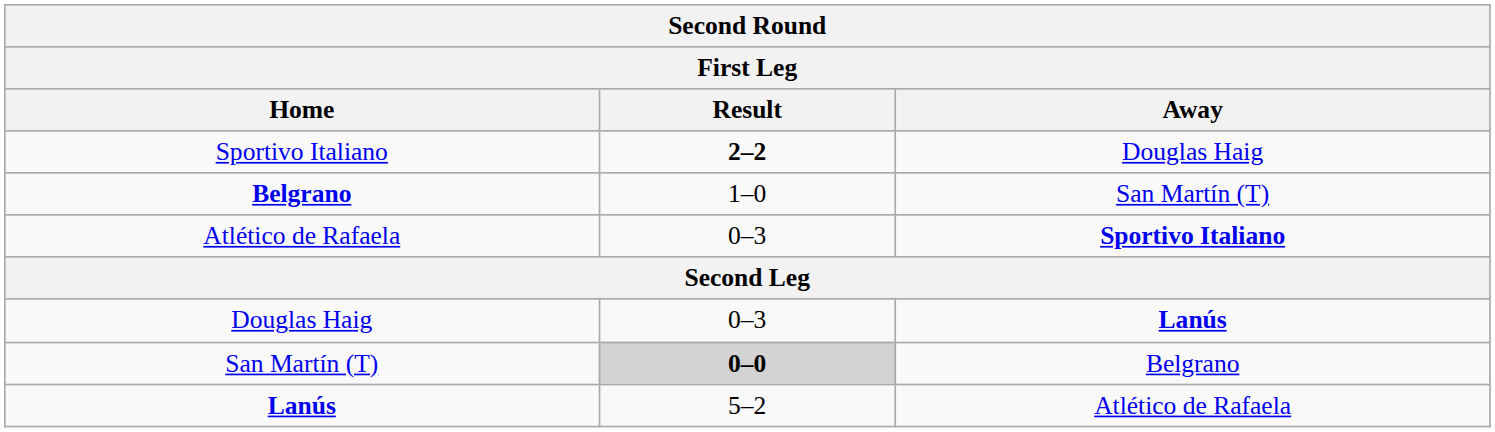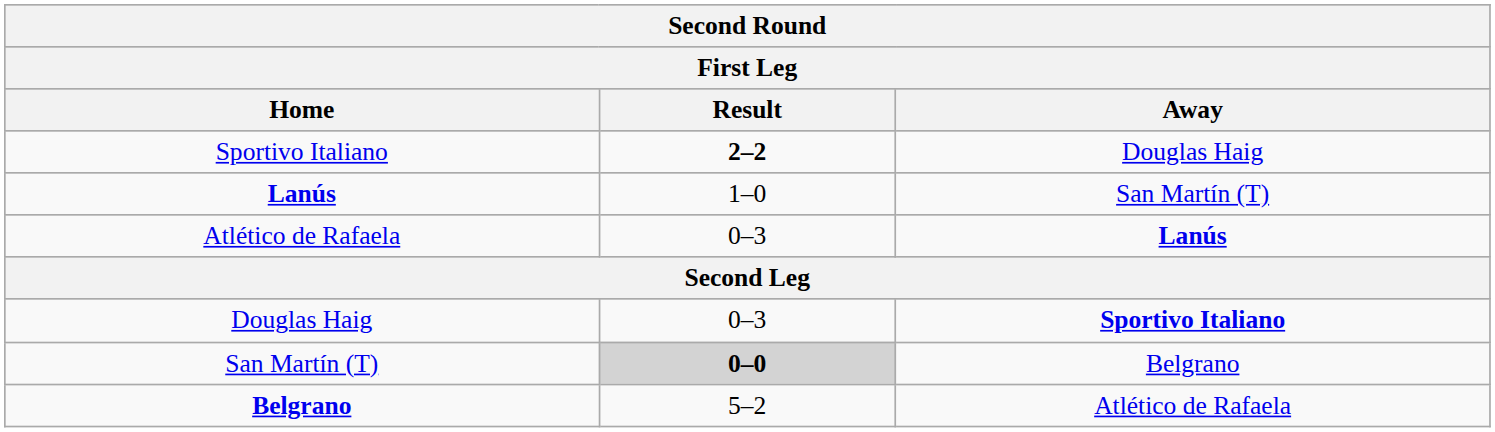 <table align=center class="wikitable collapsible collapsed" style="font-size:95%; text-align: center; width: 70%;">
 <tr>
 <th colspan=100% style="with: 100%;" align=center>Second Round</th>
 </tr>
 <tr>
 <th colspan=100% style="with: 75%;" align=center>First Leg</th>
 </tr>
 <tr>
 <th width=30%>Home</th>
 <th width=15%>Result</th>
 <th width=30%>Away</th>
 </tr>
 <tr align=center>
 <td><a href='#'>Sportivo Italiano</a></td>
 <td><strong>2–2</strong></td>
 <td><a href='#'>Douglas Haig</a></td>
 </tr>
 <tr align=center>
-<td><strong><a href='#'>Belgrano</a></strong></td>
+<td><strong><a href='#'>Lanús</a></strong></td>
 <td>1–0</td>
 <td><a href='#'>San Martín (T)</a></td>
 </tr>
 <tr align=center>
 <td><a href='#'>Atlético de Rafaela</a></td>
 <td>0–3</td>
-<td><strong><a href='#'>Sportivo Italiano</a></strong></td>
+<td><strong><a href='#'>Lanús</a></strong></td>
 </tr>
 <tr>
 <th colspan=100% style="with: 75%;" align=center>Second Leg</th>
 </tr>
 <tr align=center>
 <td><a href='#'>Douglas Haig</a></td>
 <td>0–3</td>
-<td><strong><a href='#'>Lanús</a></strong></td>
+<td><strong><a href='#'>Sportivo Italiano</a></strong></td>
 </tr>
 <tr align=center>
 <td><a href='#'>San Martín (T)</a></td>
 <td style="background: lightgrey;"><strong>0–0</strong></td>
 <td><a href='#'>Belgrano</a></td>
 </tr>
 <tr align=center>
-<td><strong><a href='#'>Lanús</a></strong></td>
+<td><strong><a href='#'>Belgrano</a></strong></td>
 <td>5–2</td>
 <td><a href='#'>Atlético de Rafaela</a></td>
 </tr>
 </table>
